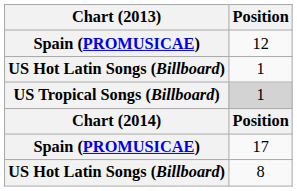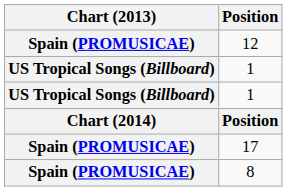 <table class="wikitable plainrowheaders" style="text-align:center;">
 <tr>
 <th scope="col">Chart (2013)</th>
 <th scope="col">Position</th>
 </tr>
 <tr>
 <th scope="row">Spain (<a href='#'>PROMUSICAE</a>)</th>
 <td>12</td>
 </tr>
 <tr>
-<th scope="row">US Hot Latin Songs (<em>Billboard</em>)</th>
+<th scope="row">US Tropical Songs (<em>Billboard</em>)</th>
 <td>1</td>
 </tr>
 <tr>
 <th scope="row">US Tropical Songs (<em>Billboard</em>)</th>
-<td style="background: lightgrey;">1</td>
+<td>1</td>
 </tr>
 <tr>
 <th scope="col">Chart (2014)</th>
 <th scope="col">Position</th>
 </tr>
 <tr>
 <th scope="row">Spain (<a href='#'>PROMUSICAE</a>)</th>
 <td>17</td>
 </tr>
 <tr>
-<th scope="row">US Hot Latin Songs (<em>Billboard</em>)</th>
+<th scope="row">Spain (<a href='#'>PROMUSICAE</a>)</th>
 <td>8</td>
 </tr>
 </table>
